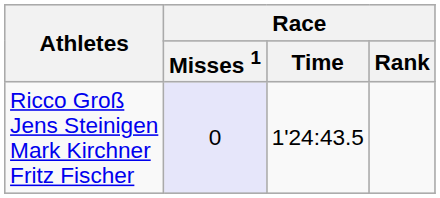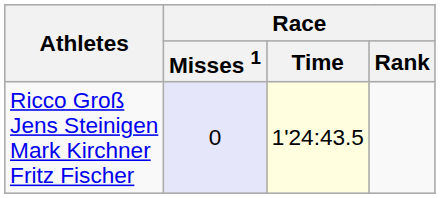 <table class="wikitable" border="1" style="font-size:90%">
 <tr>
 <th rowspan=2>Athletes</th>
 <th colspan=3>Race</th>
 </tr>
 <tr>
 <th>Misses <sup>1</sup></th>
 <th>Time</th>
 <th>Rank</th>
 </tr>
 <tr>
 <td><a href='#'>Ricco Groß</a><br><a href='#'>Jens Steinigen</a><br><a href='#'>Mark Kirchner</a><br><a href='#'>Fritz Fischer</a></td>
 <td align=center style="background: lavender;">0</td>
-<td align=center>1'24:43.5</td>
+<td align=center style="background: lightyellow;">1'24:43.5</td>
 <td align=center></td>
 </tr>
 </table>
